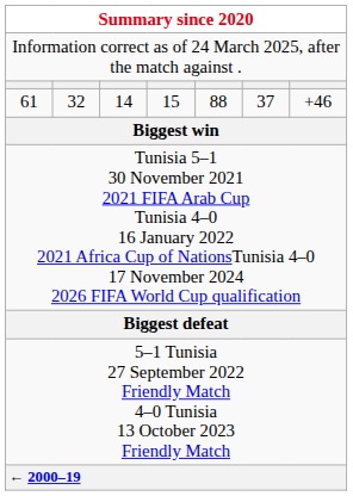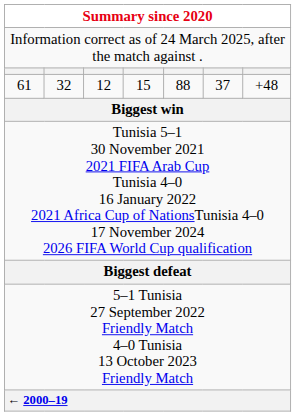 <table class="wikitable" style="text-align: center; width:50%">
 <tr>
 <th colspan="7" style="background:#FFFFFF; color:#E70013; ">Summary since 2020</th>
 </tr>
 <tr>
 <td colspan="7">Information correct as of 24 March 2025, after the match against .</td>
 </tr>
 <tr>
 <th width="5%"></th>
 <th width="5%"></th>
 <th width="5%"></th>
 <th width="5%"></th>
 <th width="5%"></th>
 <th width="5%"></th>
 <th width="5%"></th>
 </tr>
 <tr>
 <td>61</td>
 <td>32</td>
-<td>14</td>
+<td>12</td>
 <td>15</td>
 <td>88</td>
 <td>37</td>
-<td>+46</td>
+<td>+48</td>
 </tr>
 <tr>
 <th colspan="7">Biggest win</th>
 </tr>
 <tr>
 <td colspan="7">Tunisia  5–1 <br>30 November 2021<br><a href='#'>2021 FIFA Arab Cup</a><br>Tunisia  4–0 <br>16 January 2022<br><a href='#'>2021 Africa Cup of Nations</a>Tunisia  4–0 <br>17 November 2024<br><a href='#'>2026 FIFA World Cup qualification</a></td>
 </tr>
 <tr>
 <th colspan="7">Biggest defeat</th>
 </tr>
 <tr>
 <td colspan="7"> 5–1  Tunisia<br>27 September 2022<br><a href='#'>Friendly Match</a><br> 4–0  Tunisia<br>13 October 2023<br><a href='#'>Friendly Match</a></td>
 </tr>
 <tr>
 <th colspan="7" style="text-align:left; font-size: 86%;">← <a href='#'>2000–19</a></th>
 </tr>
 </table>
